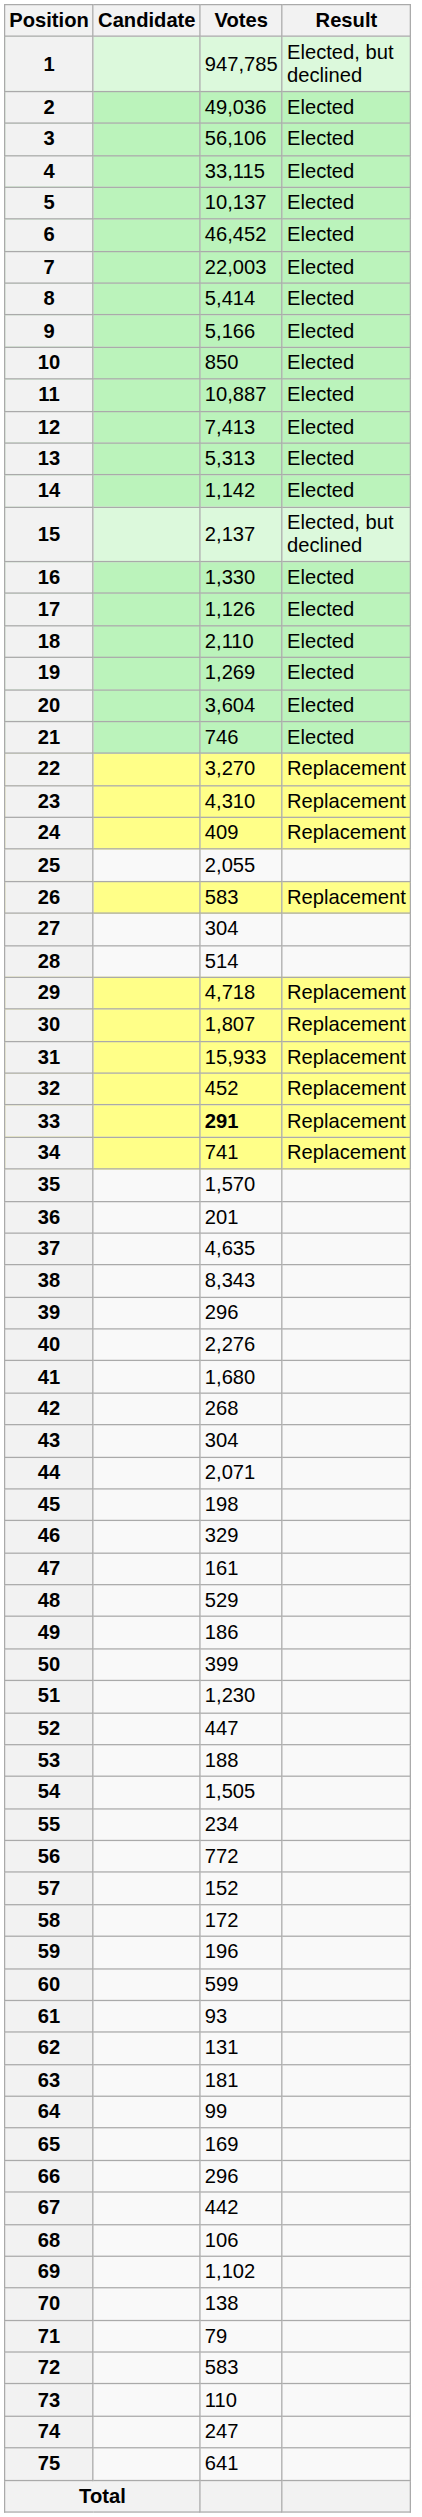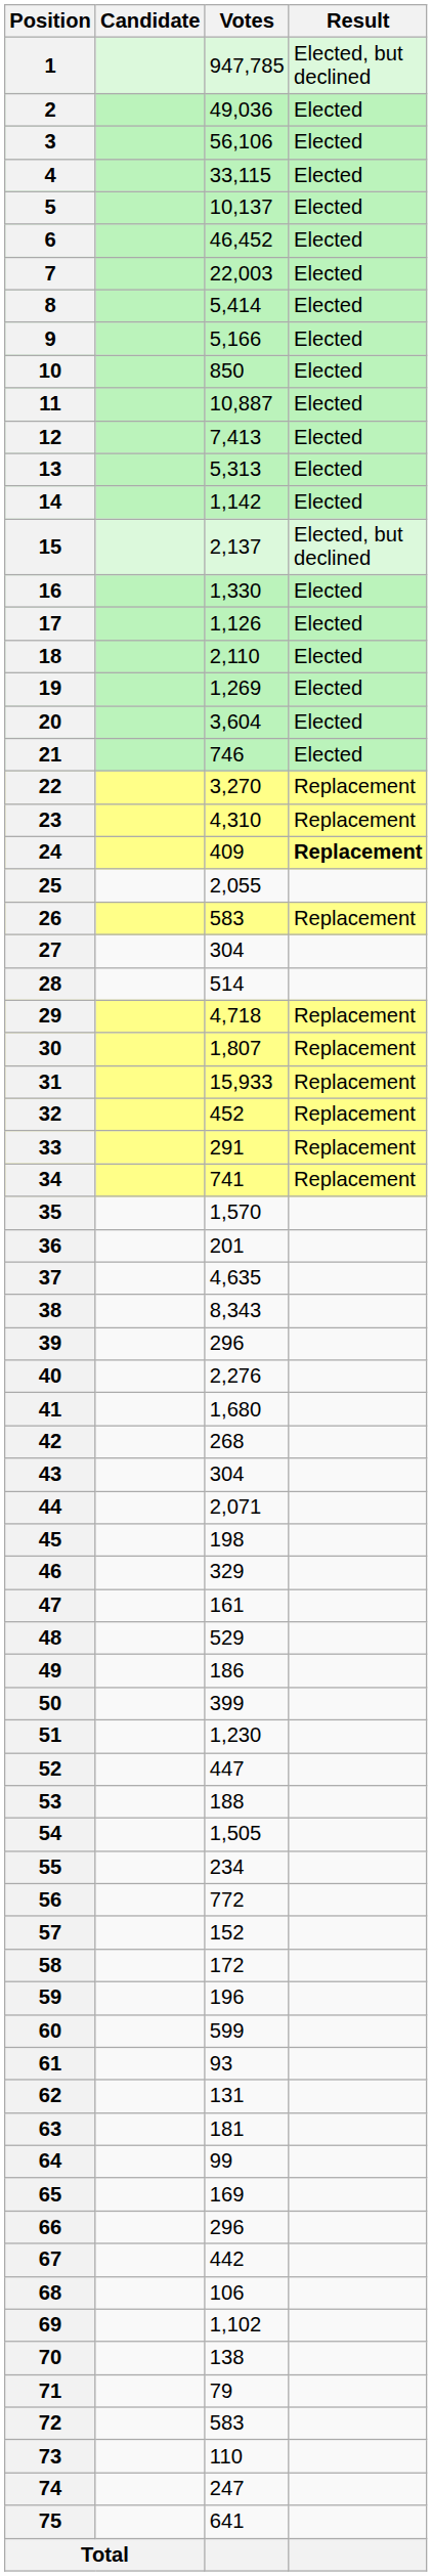 <table class="wikitable sortable col3right">
 <tr>
 <th scope="col">Position</th>
 <th scope="col">Candidate</th>
 <th scope="col">Votes</th>
 <th scope="col">Result</th>
 </tr>
 <tr bgcolor=dcf9dc>
 <th scope="row">1</th>
 <td></td>
 <td>947,785</td>
 <td>Elected, but<br>declined</td>
 </tr>
 <tr bgcolor=bbf3bb>
 <th scope="row">2</th>
 <td></td>
 <td>49,036</td>
 <td>Elected</td>
 </tr>
 <tr bgcolor=bbf3bb>
 <th scope="row">3</th>
 <td></td>
 <td>56,106</td>
 <td>Elected</td>
 </tr>
 <tr bgcolor=bbf3bb>
 <th scope="row">4</th>
 <td></td>
 <td>33,115</td>
 <td>Elected</td>
 </tr>
 <tr bgcolor=bbf3bb>
 <th scope="row">5</th>
 <td></td>
 <td>10,137</td>
 <td>Elected</td>
 </tr>
 <tr bgcolor=bbf3bb>
 <th scope="row">6</th>
 <td></td>
 <td>46,452</td>
 <td>Elected</td>
 </tr>
 <tr bgcolor=bbf3bb>
 <th scope="row">7</th>
 <td></td>
 <td>22,003</td>
 <td>Elected</td>
 </tr>
 <tr bgcolor=bbf3bb>
 <th scope="row">8</th>
 <td></td>
 <td>5,414</td>
 <td>Elected</td>
 </tr>
 <tr bgcolor=bbf3bb>
 <th scope="row">9</th>
 <td></td>
 <td>5,166</td>
 <td>Elected</td>
 </tr>
 <tr bgcolor=bbf3bb>
 <th scope="row">10</th>
 <td></td>
 <td>850</td>
 <td>Elected</td>
 </tr>
 <tr bgcolor=bbf3bb>
 <th scope="row">11</th>
 <td></td>
 <td>10,887</td>
 <td>Elected</td>
 </tr>
 <tr bgcolor=bbf3bb>
 <th scope="row">12</th>
 <td></td>
 <td>7,413</td>
 <td>Elected</td>
 </tr>
 <tr bgcolor=bbf3bb>
 <th scope="row">13</th>
 <td></td>
 <td>5,313</td>
 <td>Elected</td>
 </tr>
 <tr bgcolor=bbf3bb>
 <th scope="row">14</th>
 <td></td>
 <td>1,142</td>
 <td>Elected</td>
 </tr>
 <tr bgcolor=dcf9dc>
 <th scope="row">15</th>
 <td></td>
 <td>2,137</td>
 <td>Elected, but<br>declined</td>
 </tr>
 <tr bgcolor=bbf3bb>
 <th scope="row">16</th>
 <td></td>
 <td>1,330</td>
 <td>Elected</td>
 </tr>
 <tr bgcolor=bbf3bb>
 <th scope="row">17</th>
 <td></td>
 <td>1,126</td>
 <td>Elected</td>
 </tr>
 <tr bgcolor=bbf3bb>
 <th scope="row">18</th>
 <td></td>
 <td>2,110</td>
 <td>Elected</td>
 </tr>
 <tr bgcolor=bbf3bb>
 <th scope="row">19</th>
 <td></td>
 <td>1,269</td>
 <td>Elected</td>
 </tr>
 <tr bgcolor=bbf3bb>
 <th scope="row">20</th>
 <td></td>
 <td>3,604</td>
 <td>Elected</td>
 </tr>
 <tr bgcolor=bbf3bb>
 <th scope="row">21</th>
 <td></td>
 <td>746</td>
 <td>Elected</td>
 </tr>
 <tr bgcolor=#FF8>
 <th scope="row">22</th>
 <td></td>
 <td>3,270</td>
 <td>Replacement</td>
 </tr>
 <tr bgcolor=#FF8>
 <th scope="row">23</th>
 <td></td>
 <td>4,310</td>
 <td>Replacement</td>
 </tr>
 <tr bgcolor=#FF8>
 <th scope="row">24</th>
 <td></td>
 <td>409</td>
-<td>Replacement</td>
+<td><strong>Replacement</strong></td>
 </tr>
 <tr>
 <th scope="row">25</th>
 <td></td>
 <td>2,055</td>
 <td></td>
 </tr>
 <tr bgcolor=#FF8>
 <th scope="row">26</th>
 <td></td>
 <td>583</td>
 <td>Replacement</td>
 </tr>
 <tr>
 <th scope="row">27</th>
 <td></td>
 <td>304</td>
 <td></td>
 </tr>
 <tr>
 <th scope="row">28</th>
 <td></td>
 <td>514</td>
 <td></td>
 </tr>
 <tr bgcolor=#FF8>
 <th scope="row">29</th>
 <td></td>
 <td>4,718</td>
 <td>Replacement</td>
 </tr>
 <tr bgcolor=#FF8>
 <th scope="row">30</th>
 <td></td>
 <td>1,807</td>
 <td>Replacement</td>
 </tr>
 <tr bgcolor=#FF8>
 <th scope="row">31</th>
 <td></td>
 <td>15,933</td>
 <td>Replacement</td>
 </tr>
 <tr bgcolor=#FF8>
 <th scope="row">32</th>
 <td></td>
 <td>452</td>
 <td>Replacement</td>
 </tr>
 <tr bgcolor=#FF8>
 <th scope="row">33</th>
 <td></td>
-<td><strong>291</strong></td>
+<td>291</td>
 <td>Replacement</td>
 </tr>
 <tr bgcolor=#FF8>
 <th scope="row">34</th>
 <td></td>
 <td>741</td>
 <td>Replacement</td>
 </tr>
 <tr>
 <th scope="row">35</th>
 <td></td>
 <td>1,570</td>
 <td></td>
 </tr>
 <tr>
 <th scope="row">36</th>
 <td></td>
 <td>201</td>
 <td></td>
 </tr>
 <tr>
 <th scope="row">37</th>
 <td></td>
 <td>4,635</td>
 <td></td>
 </tr>
 <tr>
 <th scope="row">38</th>
 <td></td>
 <td>8,343</td>
 <td></td>
 </tr>
 <tr>
 <th scope="row">39</th>
 <td></td>
 <td>296</td>
 <td></td>
 </tr>
 <tr>
 <th scope="row">40</th>
 <td></td>
 <td>2,276</td>
 <td></td>
 </tr>
 <tr>
 <th scope="row">41</th>
 <td></td>
 <td>1,680</td>
 <td></td>
 </tr>
 <tr>
 <th scope="row">42</th>
 <td></td>
 <td>268</td>
 <td></td>
 </tr>
 <tr>
 <th scope="row">43</th>
 <td></td>
 <td>304</td>
 <td></td>
 </tr>
 <tr>
 <th scope="row">44</th>
 <td></td>
 <td>2,071</td>
 <td></td>
 </tr>
 <tr>
 <th scope="row">45</th>
 <td></td>
 <td>198</td>
 <td></td>
 </tr>
 <tr>
 <th scope="row">46</th>
 <td></td>
 <td>329</td>
 <td></td>
 </tr>
 <tr>
 <th scope="row">47</th>
 <td></td>
 <td>161</td>
 <td></td>
 </tr>
 <tr>
 <th scope="row">48</th>
 <td></td>
 <td>529</td>
 <td></td>
 </tr>
 <tr>
 <th scope="row">49</th>
 <td></td>
 <td>186</td>
 <td></td>
 </tr>
 <tr>
 <th scope="row">50</th>
 <td></td>
 <td>399</td>
 <td></td>
 </tr>
 <tr>
 <th scope="row">51</th>
 <td></td>
 <td>1,230</td>
 <td></td>
 </tr>
 <tr>
 <th scope="row">52</th>
 <td></td>
 <td>447</td>
 <td></td>
 </tr>
 <tr>
 <th scope="row">53</th>
 <td></td>
 <td>188</td>
 <td></td>
 </tr>
 <tr>
 <th scope="row">54</th>
 <td></td>
 <td>1,505</td>
 <td></td>
 </tr>
 <tr>
 <th scope="row">55</th>
 <td></td>
 <td>234</td>
 <td></td>
 </tr>
 <tr>
 <th scope="row">56</th>
 <td></td>
 <td>772</td>
 <td></td>
 </tr>
 <tr>
 <th scope="row">57</th>
 <td></td>
 <td>152</td>
 <td></td>
 </tr>
 <tr>
 <th scope="row">58</th>
 <td></td>
 <td>172</td>
 <td></td>
 </tr>
 <tr>
 <th scope="row">59</th>
 <td></td>
 <td>196</td>
 <td></td>
 </tr>
 <tr>
 <th scope="row">60</th>
 <td></td>
 <td>599</td>
 <td></td>
 </tr>
 <tr>
 <th scope="row">61</th>
 <td></td>
 <td>93</td>
 <td></td>
 </tr>
 <tr>
 <th scope="row">62</th>
 <td></td>
 <td>131</td>
 <td></td>
 </tr>
 <tr>
 <th scope="row">63</th>
 <td></td>
 <td>181</td>
 <td></td>
 </tr>
 <tr>
 <th scope="row">64</th>
 <td></td>
 <td>99</td>
 <td></td>
 </tr>
 <tr>
 <th scope="row">65</th>
 <td></td>
 <td>169</td>
 <td></td>
 </tr>
 <tr>
 <th scope="row">66</th>
 <td></td>
 <td>296</td>
 <td></td>
 </tr>
 <tr>
 <th scope="row">67</th>
 <td></td>
 <td>442</td>
 <td></td>
 </tr>
 <tr>
 <th scope="row">68</th>
 <td></td>
 <td>106</td>
 <td></td>
 </tr>
 <tr>
 <th scope="row">69</th>
 <td></td>
 <td>1,102</td>
 <td></td>
 </tr>
 <tr>
 <th scope="row">70</th>
 <td></td>
 <td>138</td>
 <td></td>
 </tr>
 <tr>
 <th scope="row">71</th>
 <td></td>
 <td>79</td>
 <td></td>
 </tr>
 <tr>
 <th scope="row">72</th>
 <td></td>
 <td>583</td>
 <td></td>
 </tr>
 <tr>
 <th scope="row">73</th>
 <td></td>
 <td>110</td>
 <td></td>
 </tr>
 <tr>
 <th scope="row">74</th>
 <td></td>
 <td>247</td>
 <td></td>
 </tr>
 <tr>
 <th scope="row">75</th>
 <td></td>
 <td>641</td>
 <td></td>
 </tr>
 <tr class="sortbottom">
 <th scope="row" colspan="2">Total</th>
 <th></th>
 <th></th>
 </tr>
 </table>
